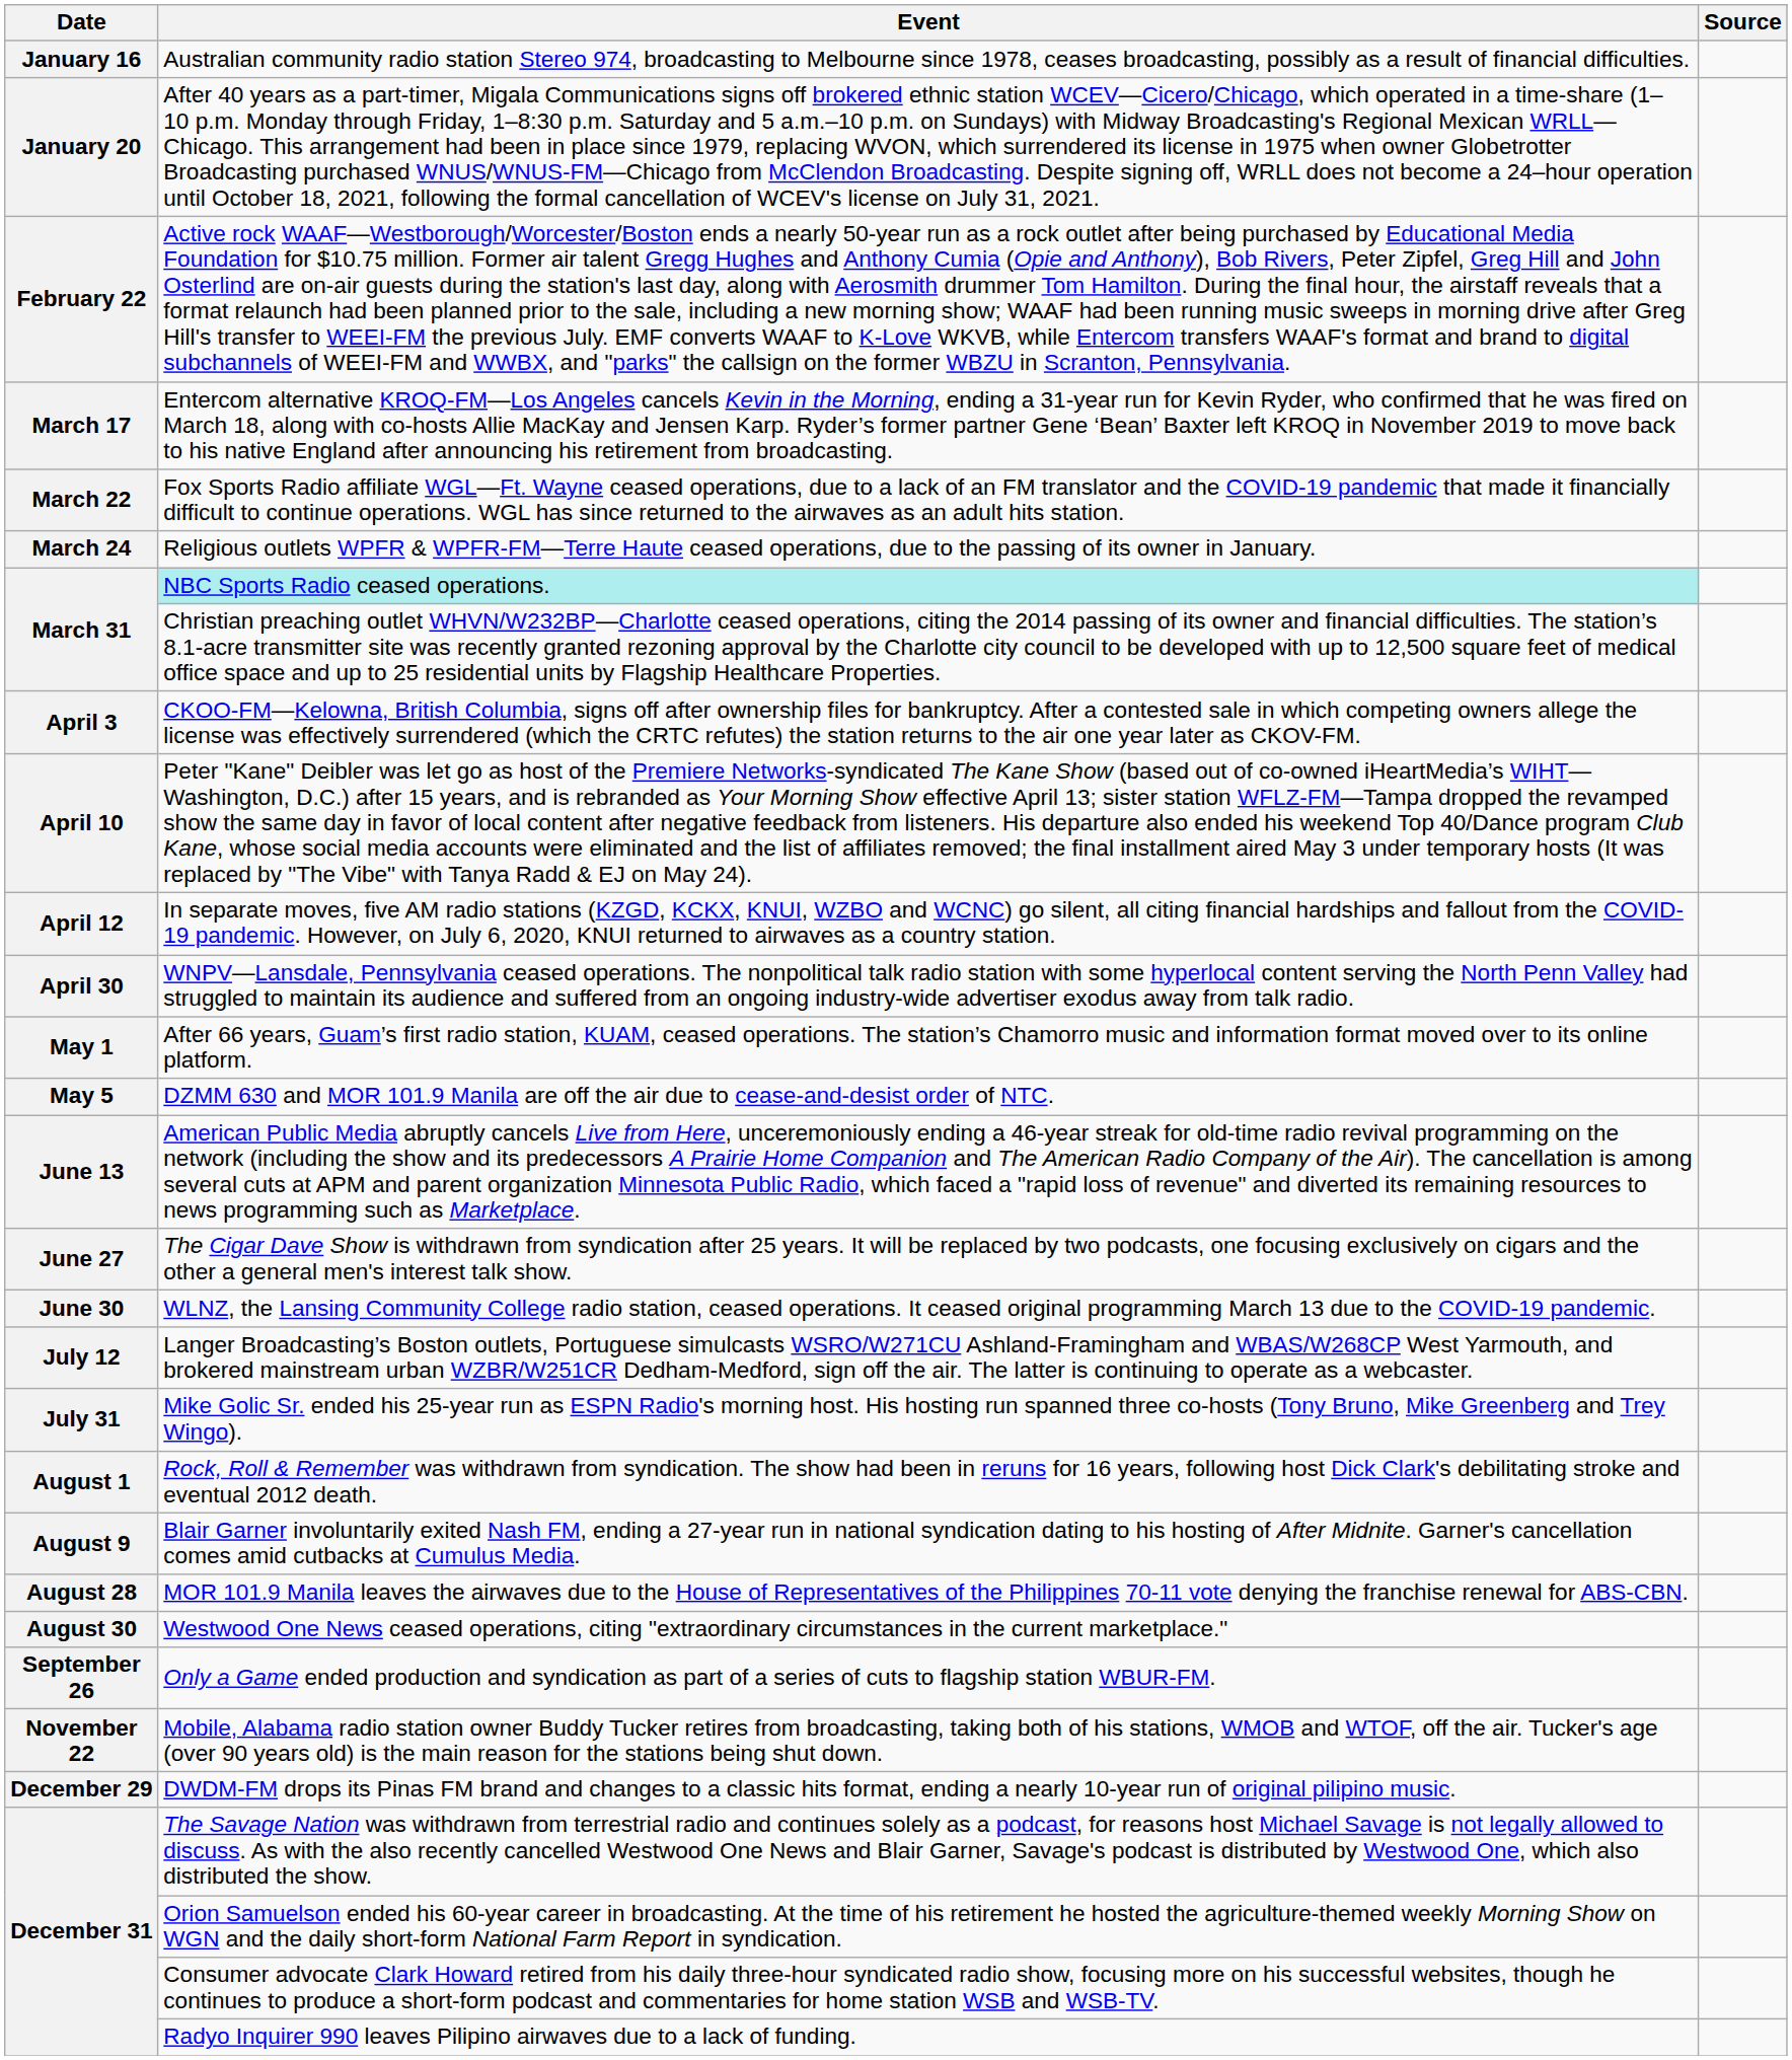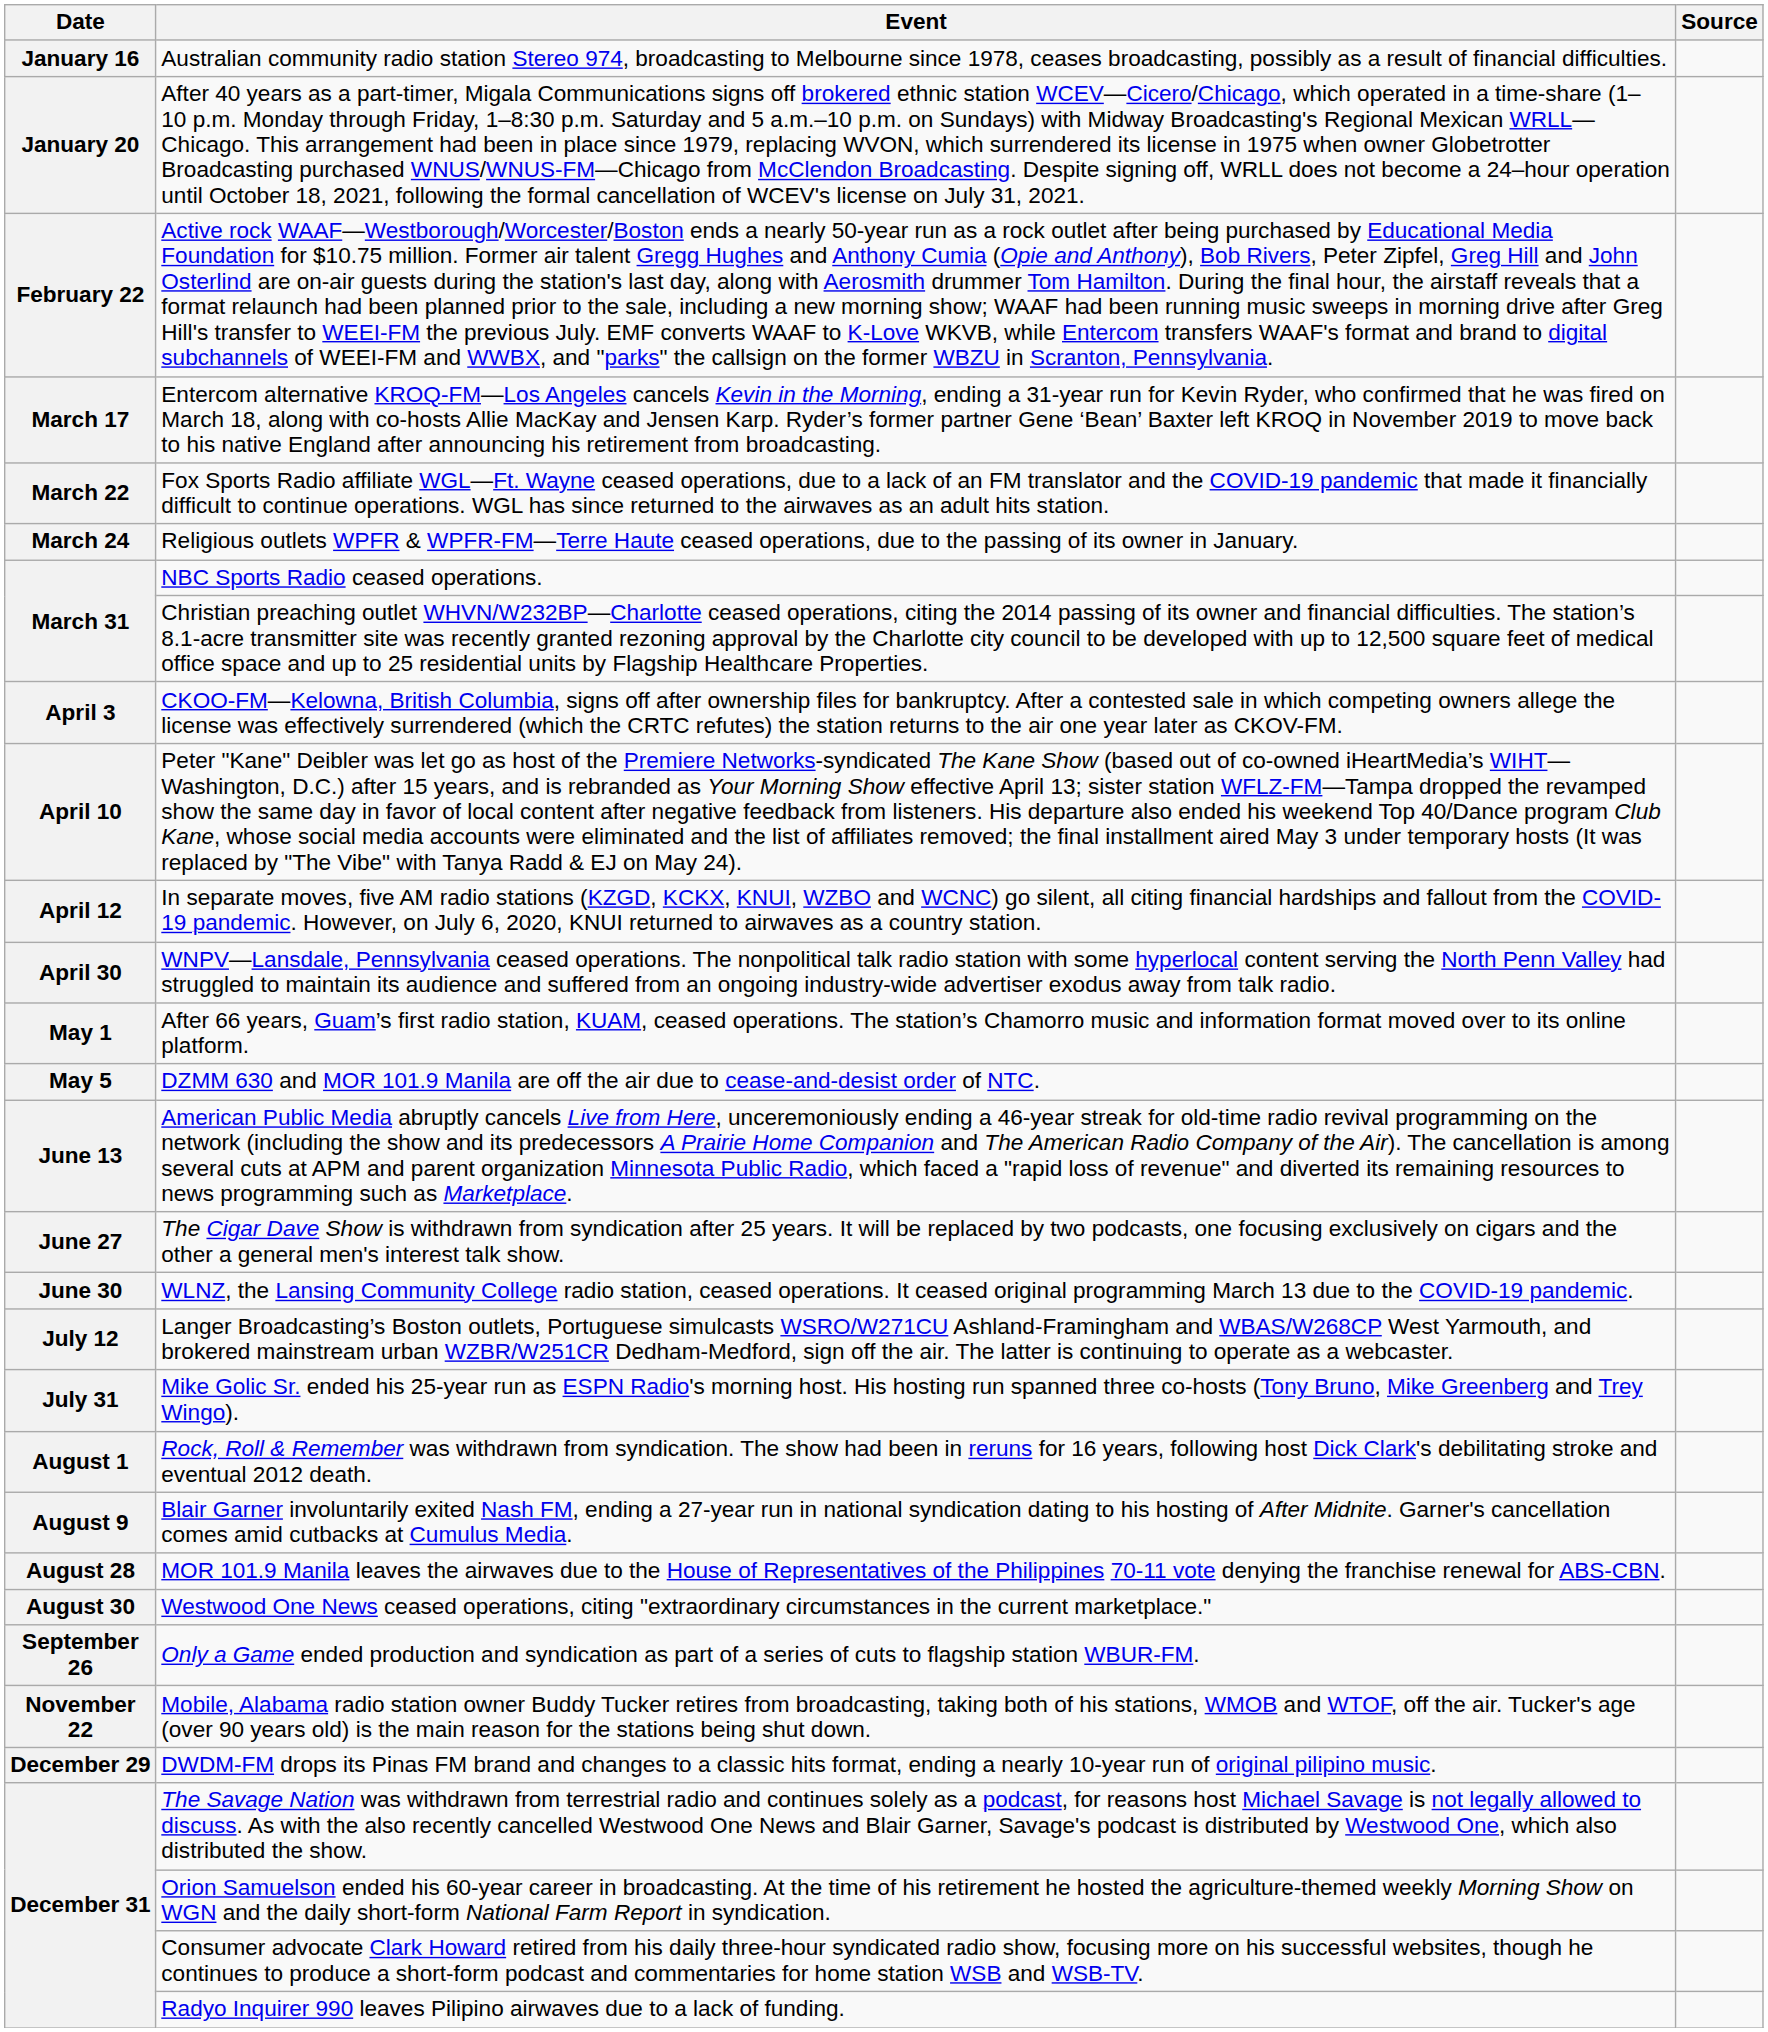 <table class="wikitable">
 <tr>
 <th width=100>Date</th>
 <th>Event</th>
 <th>Source</th>
 </tr>
 <tr>
 <th>January 16</th>
 <td>Australian community radio station <a href='#'>Stereo 974</a>, broadcasting to Melbourne since 1978, ceases broadcasting, possibly as a result of financial difficulties.</td>
 <td></td>
 </tr>
 <tr>
 <th>January 20</th>
 <td>After 40 years as a part-timer, Migala Communications signs off <a href='#'>brokered</a> ethnic station <a href='#'>WCEV</a>—<a href='#'>Cicero</a>/<a href='#'>Chicago</a>, which operated in a time-share (1–10 p.m. Monday through Friday, 1–8:30 p.m. Saturday and 5 a.m.–10 p.m. on Sundays) with Midway Broadcasting's Regional Mexican <a href='#'>WRLL</a>—Chicago. This arrangement had been in place since 1979, replacing WVON, which surrendered its license in 1975 when owner Globetrotter Broadcasting purchased <a href='#'>WNUS</a>/<a href='#'>WNUS-FM</a>—Chicago from <a href='#'>McClendon Broadcasting</a>. Despite signing off, WRLL does not become a 24–hour operation until October 18, 2021, following the formal cancellation of WCEV's license on July 31, 2021.</td>
 <td></td>
 </tr>
 <tr>
 <th>February 22</th>
 <td><a href='#'>Active rock</a> <a href='#'>WAAF</a>—<a href='#'>Westborough</a>/<a href='#'>Worcester</a>/<a href='#'>Boston</a> ends a nearly 50-year run as a rock outlet after being purchased by <a href='#'>Educational Media Foundation</a> for $10.75 million. Former air talent <a href='#'>Gregg Hughes</a> and <a href='#'>Anthony Cumia</a> (<em><a href='#'>Opie and Anthony</a></em>), <a href='#'>Bob Rivers</a>, Peter Zipfel, <a href='#'>Greg Hill</a> and <a href='#'>John Osterlind</a> are on-air guests during the station's last day, along with <a href='#'>Aerosmith</a> drummer <a href='#'>Tom Hamilton</a>. During the final hour, the airstaff reveals that a format relaunch had been planned prior to the sale, including a new morning show; WAAF had been running music sweeps in morning drive after Greg Hill's transfer to <a href='#'>WEEI-FM</a> the previous July. EMF converts WAAF to <a href='#'>K-Love</a> WKVB, while <a href='#'>Entercom</a> transfers WAAF's format and brand to <a href='#'>digital subchannels</a> of WEEI-FM and <a href='#'>WWBX</a>, and "<a href='#'>parks</a>" the callsign on the former <a href='#'>WBZU</a> in <a href='#'>Scranton, Pennsylvania</a>.</td>
 <td><br></td>
 </tr>
 <tr>
 <th>March 17</th>
 <td>Entercom alternative <a href='#'>KROQ-FM</a>—<a href='#'>Los Angeles</a> cancels <em><a href='#'>Kevin in the Morning</a></em>, ending a 31-year run for Kevin Ryder, who confirmed that he was fired on March 18, along with co-hosts Allie MacKay and Jensen Karp. Ryder’s former partner Gene ‘Bean’ Baxter left KROQ in November 2019 to move back to his native England after announcing his retirement from broadcasting.</td>
 <td></td>
 </tr>
 <tr i>
 <th>March 22</th>
 <td>Fox Sports Radio affiliate <a href='#'>WGL</a>—<a href='#'>Ft. Wayne</a> ceased operations, due to a lack of an FM translator and the <a href='#'>COVID-19 pandemic</a> that made it financially difficult to continue operations. WGL has since returned to the airwaves as an adult hits station.</td>
 <td></td>
 </tr>
 <tr>
 <th>March 24</th>
 <td>Religious outlets <a href='#'>WPFR</a> & <a href='#'>WPFR-FM</a>—<a href='#'>Terre Haute</a> ceased operations, due to the passing of its owner in January.</td>
 <td></td>
 </tr>
 <tr>
 <th rowspan=2>March 31</th>
-<td style="background: paleturquoise;"><a href='#'>NBC Sports Radio</a> ceased operations.</td>
+<td><a href='#'>NBC Sports Radio</a> ceased operations.</td>
 <td></td>
 </tr>
 <tr>
 <td>Christian preaching outlet <a href='#'>WHVN/W232BP</a>—<a href='#'>Charlotte</a> ceased operations, citing the 2014 passing of its owner and financial difficulties. The station’s 8.1-acre transmitter site was recently granted rezoning approval by the Charlotte city council to be developed with up to 12,500 square feet of medical office space and up to 25 residential units by Flagship Healthcare Properties.</td>
 <td></td>
 </tr>
 <tr>
 <th>April 3</th>
 <td><a href='#'>CKOO-FM</a>—<a href='#'>Kelowna, British Columbia</a>, signs off after ownership files for bankruptcy. After a contested sale in which competing owners allege the license was effectively surrendered (which the CRTC refutes) the station returns to the air one year later as CKOV-FM.</td>
 <td></td>
 </tr>
 <tr>
 <th>April 10</th>
 <td>Peter "Kane" Deibler was let go as host of the <a href='#'>Premiere Networks</a>-syndicated <em>The Kane Show</em> (based out of co-owned iHeartMedia’s <a href='#'>WIHT</a>—Washington, D.C.) after 15 years, and is rebranded as <em>Your Morning Show</em> effective April 13; sister station <a href='#'>WFLZ-FM</a>—Tampa dropped the revamped show the same day in favor of local content after negative feedback from listeners. His departure also ended his weekend Top 40/Dance program <em>Club Kane</em>, whose social media accounts were eliminated and the list of affiliates removed; the final installment aired May 3 under temporary hosts (It was replaced by "The Vibe" with Tanya Radd & EJ on May 24).</td>
 <td></td>
 </tr>
 <tr>
 <th>April 12</th>
 <td>In separate moves, five AM radio stations (<a href='#'>KZGD</a>, <a href='#'>KCKX</a>, <a href='#'>KNUI</a>, <a href='#'>WZBO</a> and <a href='#'>WCNC</a>) go silent, all citing financial hardships and fallout from the <a href='#'>COVID-19 pandemic</a>. However, on July 6, 2020, KNUI returned to airwaves as a country station.</td>
 <td></td>
 </tr>
 <tr>
 <th>April 30</th>
 <td><a href='#'>WNPV</a>—<a href='#'>Lansdale, Pennsylvania</a> ceased operations. The nonpolitical talk radio station with some <a href='#'>hyperlocal</a> content serving the <a href='#'>North Penn Valley</a> had struggled to maintain its audience and suffered from an ongoing industry-wide advertiser exodus away from talk radio.</td>
 <td></td>
 </tr>
 <tr>
 <th>May 1</th>
 <td>After 66 years, <a href='#'>Guam</a>’s first radio station, <a href='#'>KUAM</a>, ceased operations. The station’s Chamorro music and information format moved over to its online platform.</td>
 <td></td>
 </tr>
 <tr>
 <th>May 5</th>
 <td><a href='#'>DZMM 630</a> and <a href='#'>MOR 101.9 Manila</a> are off the air due to <a href='#'>cease-and-desist order</a> of <a href='#'>NTC</a>.</td>
 <td></td>
 </tr>
 <tr>
 <th>June 13</th>
 <td><a href='#'>American Public Media</a> abruptly cancels <em><a href='#'>Live from Here</a></em>, unceremoniously ending a 46-year streak for old-time radio revival programming on the network (including the show and its predecessors <em><a href='#'>A Prairie Home Companion</a></em> and <em>The American Radio Company of the Air</em>). The cancellation is among several cuts at APM and parent organization <a href='#'>Minnesota Public Radio</a>, which faced a "rapid loss of revenue" and diverted its remaining resources to news programming such as <em><a href='#'>Marketplace</a></em>.</td>
 <td></td>
 </tr>
 <tr>
 <th>June 27</th>
 <td><em>The <a href='#'>Cigar Dave</a> Show</em> is withdrawn from syndication after 25 years. It will be replaced by two podcasts, one focusing exclusively on cigars and the other a general men's interest talk show.</td>
 <td></td>
 </tr>
 <tr>
 <th>June 30</th>
 <td><a href='#'>WLNZ</a>, the <a href='#'>Lansing Community College</a> radio station, ceased operations. It ceased original programming March 13 due to the <a href='#'>COVID-19 pandemic</a>.</td>
 <td></td>
 </tr>
 <tr>
 <th>July 12</th>
 <td>Langer Broadcasting’s Boston outlets, Portuguese simulcasts <a href='#'>WSRO/W271CU</a> Ashland-Framingham and <a href='#'>WBAS/W268CP</a> West Yarmouth, and brokered mainstream urban <a href='#'>WZBR/W251CR</a> Dedham-Medford, sign off the air. The latter is continuing to operate as a webcaster.</td>
 <td></td>
 </tr>
 <tr>
 <th>July 31</th>
 <td><a href='#'>Mike Golic Sr.</a> ended his 25-year run as <a href='#'>ESPN Radio</a>'s morning host. His hosting run spanned three co-hosts (<a href='#'>Tony Bruno</a>, <a href='#'>Mike Greenberg</a> and <a href='#'>Trey Wingo</a>).</td>
 <td></td>
 </tr>
 <tr>
 <th>August 1</th>
 <td><em><a href='#'>Rock, Roll & Remember</a></em> was withdrawn from syndication. The show had been in <a href='#'>reruns</a> for 16 years, following host <a href='#'>Dick Clark</a>'s debilitating stroke and eventual 2012 death.</td>
 <td></td>
 </tr>
 <tr>
 <th>August 9</th>
 <td><a href='#'>Blair Garner</a> involuntarily exited <a href='#'>Nash FM</a>, ending a 27-year run in national syndication dating to his hosting of <em>After Midnite</em>. Garner's cancellation comes amid cutbacks at <a href='#'>Cumulus Media</a>.</td>
 <td></td>
 </tr>
 <tr>
 <th>August 28</th>
 <td><a href='#'>MOR 101.9 Manila</a> leaves the airwaves due to the <a href='#'>House of Representatives of the Philippines</a> <a href='#'>70-11 vote</a> denying the franchise renewal for <a href='#'>ABS-CBN</a>.</td>
 <td></td>
 </tr>
 <tr>
 <th>August 30</th>
 <td><a href='#'>Westwood One News</a> ceased operations, citing "extraordinary circumstances in the current marketplace."</td>
 <td></td>
 </tr>
 <tr>
 <th>September 26</th>
 <td><em><a href='#'>Only a Game</a></em> ended production and syndication as part of a series of cuts to flagship station <a href='#'>WBUR-FM</a>.</td>
 <td></td>
 </tr>
 <tr>
 <th>November 22</th>
 <td><a href='#'>Mobile, Alabama</a> radio station owner Buddy Tucker retires from broadcasting, taking both of his stations, <a href='#'>WMOB</a> and <a href='#'>WTOF</a>, off the air. Tucker's age (over 90 years old) is the main reason for the stations being shut down.</td>
 <td></td>
 </tr>
 <tr>
 <th>December 29</th>
 <td><a href='#'>DWDM-FM</a> drops its Pinas FM brand and changes to a classic hits format, ending a nearly 10-year run of <a href='#'>original pilipino music</a>.</td>
 <td></td>
 </tr>
 <tr>
 <th rowspan=4>December 31</th>
 <td><em><a href='#'>The Savage Nation</a></em> was withdrawn from terrestrial radio and continues solely as a <a href='#'>podcast</a>, for reasons host <a href='#'>Michael Savage</a> is <a href='#'>not legally allowed to discuss</a>. As with the also recently cancelled Westwood One News and Blair Garner, Savage's podcast is distributed by <a href='#'>Westwood One</a>, which also distributed the show.</td>
 <td></td>
 </tr>
 <tr>
 <td><a href='#'>Orion Samuelson</a> ended his 60-year career in broadcasting. At the time of his retirement he hosted the agriculture-themed weekly <em>Morning Show</em> on <a href='#'>WGN</a> and the daily short-form <em>National Farm Report</em> in syndication.</td>
 <td></td>
 </tr>
 <tr>
 <td>Consumer advocate <a href='#'>Clark Howard</a> retired from his daily three-hour syndicated radio show, focusing more on his successful websites, though he continues to produce a short-form podcast and commentaries for home station <a href='#'>WSB</a> and <a href='#'>WSB-TV</a>.</td>
 <td></td>
 </tr>
 <tr>
 <td><a href='#'>Radyo Inquirer 990</a> leaves Pilipino airwaves due to a lack of funding.</td>
 <td></td>
 </tr>
 </table>
